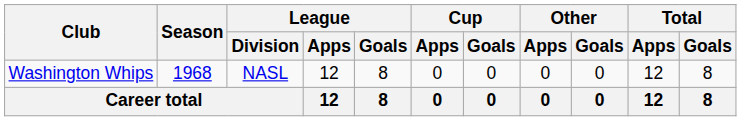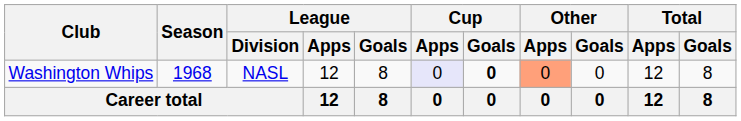 <table class="wikitable" style="text-align: center">
 <tr>
 <th rowspan="2">Club</th>
 <th rowspan="2">Season</th>
 <th colspan="3">League</th>
 <th colspan="2">Cup</th>
 <th colspan="2">Other</th>
 <th colspan="2">Total</th>
 </tr>
 <tr>
 <th>Division</th>
 <th>Apps</th>
 <th>Goals</th>
 <th>Apps</th>
 <th>Goals</th>
 <th>Apps</th>
 <th>Goals</th>
 <th>Apps</th>
 <th>Goals</th>
 </tr>
 <tr>
 <td><a href='#'>Washington Whips</a></td>
 <td><a href='#'>1968</a></td>
 <td><a href='#'>NASL</a></td>
 <td>12</td>
 <td>8</td>
-<td>0</td>
-<td>0</td>
-<td>0</td>
+<td style="background: lavender;">0</td>
+<td><strong>0</strong></td>
+<td style="background: lightsalmon;">0</td>
 <td>0</td>
 <td>12</td>
 <td>8</td>
 </tr>
 <tr>
 <th colspan="3"><strong>Career total</strong></th>
 <th>12</th>
 <th>8</th>
 <th>0</th>
 <th>0</th>
 <th>0</th>
 <th>0</th>
 <th>12</th>
 <th>8</th>
 </tr>
 </table>
